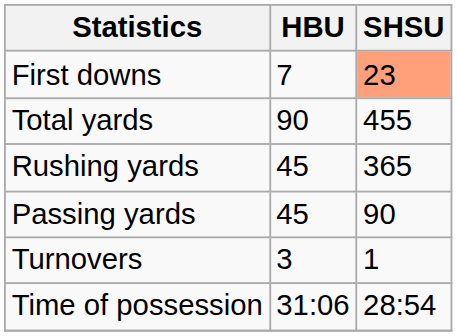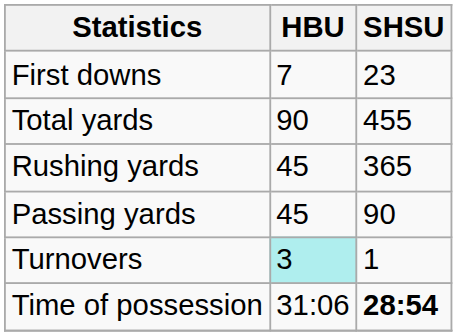 <table class="wikitable">
 <tr>
 <th>Statistics</th>
 <th>HBU</th>
 <th>SHSU</th>
 </tr>
 <tr>
 <td>First downs</td>
 <td>7</td>
-<td style="background: lightsalmon;">23</td>
+<td>23</td>
 </tr>
 <tr>
 <td>Total yards</td>
 <td>90</td>
 <td>455</td>
 </tr>
 <tr>
 <td>Rushing yards</td>
 <td>45</td>
 <td>365</td>
 </tr>
 <tr>
 <td>Passing yards</td>
 <td>45</td>
 <td>90</td>
 </tr>
 <tr>
 <td>Turnovers</td>
-<td>3</td>
+<td style="background: paleturquoise;">3</td>
 <td>1</td>
 </tr>
 <tr>
 <td>Time of possession</td>
 <td>31:06</td>
-<td>28:54</td>
+<td><strong>28:54</strong></td>
 </tr>
 <tr>
 </tr>
 </table>
